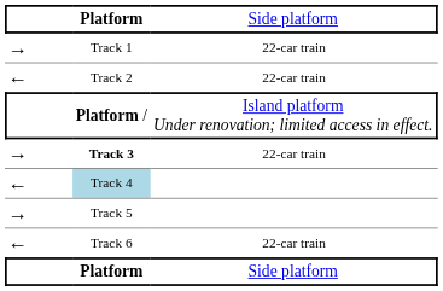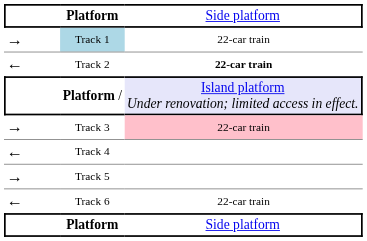 <table cellspacing=0 cellpadding=3>
 <tr>
 <td style="border-left:solid 2px black; border-top:solid 2px black; border-bottom:solid 2px black;"></td>
 <td style="border-top:solid 2px black; border-bottom:solid 2px black;" align="center"><strong>Platform</strong> </td>
 <td style="border-top:solid 2px black; border-right:solid 2px black; border-bottom:solid 2px black;" align="center"><a href='#'>Side platform</a></td>
 </tr>
 <tr>
 <td style="border-top:solid 0px gray;width:60px;"><strong><big>→</big></strong></td>
-<td style="border-top:solid 0px gray;font-size:smaller;" align="center">Track 1</td>
+<td style="background: lightblue; border-top:solid 0px gray;font-size:smaller;" align="center">Track 1</td>
 <td style="border-top:solid 0px gray;font-size:smaller;" align="center">22-car train</td>
 </tr>
 <tr>
 <td style="border-top:solid 1px gray;"><strong><big>←</big></strong></td>
 <td style="border-top:solid 1px gray;font-size:smaller;" align="center">Track 2</td>
-<td style="border-top:solid 1px gray;font-size:smaller;" align="center">22-car train</td>
+<td style="border-top:solid 1px gray;font-size:smaller;" align="center"><strong>22-car train</strong></td>
 </tr>
 <tr>
 <td style="border-left:solid 2px black; border-top:solid 2px black; border-bottom:solid 2px black;"></td>
 <td style="border-top:solid 2px black; border-bottom:solid 2px black;" align="center"><strong>Platform</strong>  / </td>
-<td style="border-top:solid 2px black; border-right:solid 2px black; border-bottom:solid 2px black;" align="center"><a href='#'>Island platform</a> <br><span><em>Under renovation; limited access in effect.</em></span></td>
+<td style="background: lavender; border-top:solid 2px black; border-right:solid 2px black; border-bottom:solid 2px black;" align="center"><a href='#'>Island platform</a> <br><span><em>Under renovation; limited access in effect.</em></span></td>
 </tr>
 <tr>
 <td style="border-top:solid 0px gray;"><strong><big>→</big></strong></td>
-<td align="center" style="font-size:smaller;border-top:solid 0px gray;"><strong>Track 3</strong></td>
-<td align="center" style="font-size:smaller;border-top:solid 0px gray;">22-car train</td>
+<td align="center" style="font-size:smaller;border-top:solid 0px gray;">Track 3</td>
+<td align="center" style="background: pink; font-size:smaller;border-top:solid 0px gray;">22-car train</td>
 </tr>
 <tr>
 <td style="border-top:solid 1px gray;"><strong><big>←</big></strong></td>
-<td align="center" style="background: lightblue; font-size:smaller;border-top:solid 1px gray;">Track 4</td>
+<td align="center" style="font-size:smaller;border-top:solid 1px gray;">Track 4</td>
 <td align="center" style="font-size:smaller;border-top:solid 1px gray;"></td>
 </tr>
 <tr>
 <td style="border-top:solid 1px gray;"><strong><big>→</big></strong></td>
 <td align="center" style="font-size:smaller;border-top:solid 1px gray;">Track 5</td>
 <td align="center" style="font-size:smaller;border-top:solid 1px gray;"></td>
 </tr>
 <tr>
 <td style="border-top:solid 1px gray;"><strong><big>←</big></strong></td>
 <td align="center" style="font-size:smaller;border-top:solid 1px gray;">Track 6</td>
 <td align="center" style="font-size:smaller;border-top:solid 1px gray;">22-car train</td>
 </tr>
 <tr>
 <td style="border-left:solid 2px black; border-top:solid 2px black; border-bottom:solid 2px black;"></td>
 <td style="border-top:solid 2px black; border-bottom:solid 2px black;" align="center"><strong>Platform</strong> </td>
 <td style="border-top:solid 2px black; border-right:solid 2px black; border-bottom:solid 2px black;" align="center"><a href='#'>Side platform</a></td>
 </tr>
 </table>
